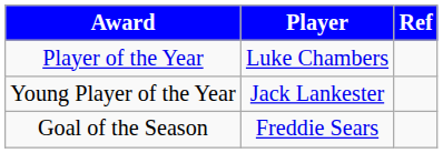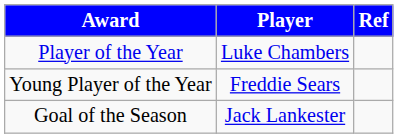 <table class="wikitable" style="text-align:center">
 <tr>
 <th style="background:blue; color:white; width=0%">Award</th>
 <th style="background:blue; color:white; width=0%">Player</th>
 <th style="background:blue; color:white; width=0%">Ref</th>
 </tr>
 <tr>
 <td><a href='#'>Player of the Year</a></td>
 <td> <a href='#'>Luke Chambers</a></td>
 <td></td>
 </tr>
 <tr>
 <td>Young Player of the Year</td>
-<td> <a href='#'>Jack Lankester</a></td>
+<td> <a href='#'>Freddie Sears</a></td>
 <td></td>
 </tr>
 <tr>
 <td>Goal of the Season</td>
-<td> <a href='#'>Freddie Sears</a></td>
+<td> <a href='#'>Jack Lankester</a></td>
 <td></td>
 </tr>
 </table>
